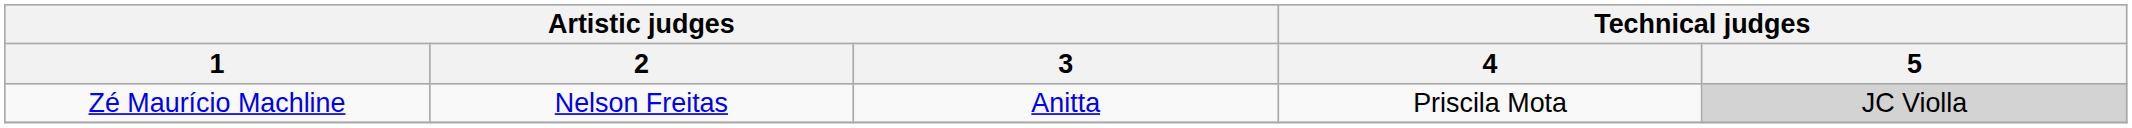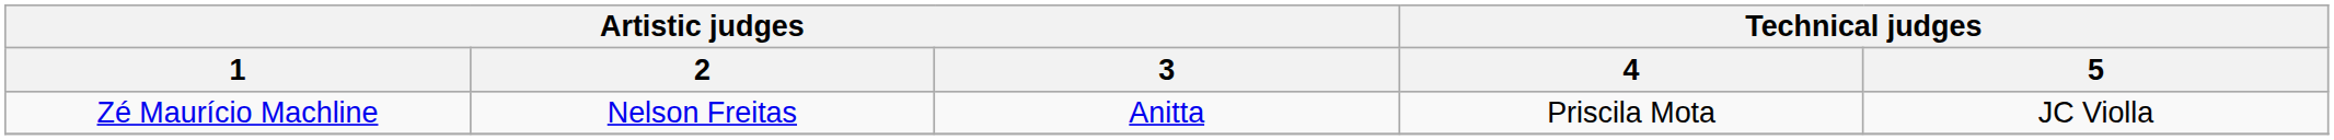 <table class="wikitable" style="font-size:100%; line-height:16px; text-align:center" width="100%">
 <tr>
 <th colspan=3>Artistic judges</th>
 <th colspan=2>Technical judges</th>
 </tr>
 <tr>
 <th>1</th>
 <th>2</th>
 <th>3</th>
 <th>4</th>
 <th>5</th>
 </tr>
 <tr>
 <td width=150><a href='#'>Zé Maurício Machline</a></td>
 <td width=150><a href='#'>Nelson Freitas</a></td>
 <td width=150><a href='#'>Anitta</a></td>
 <td width=150>Priscila Mota</td>
-<td width=150 style="background: lightgrey;">JC Violla</td>
+<td width=150>JC Violla</td>
 </tr>
 <tr>
 </tr>
 </table>
